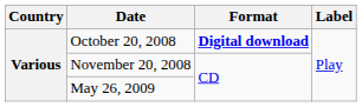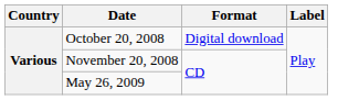 <table class="wikitable plainrowheaders">
 <tr>
 <th>Country</th>
 <th>Date</th>
 <th>Format</th>
 <th>Label</th>
 </tr>
 <tr>
 <th scope="row" rowspan="3">Various</th>
 <td>October 20, 2008</td>
-<td><strong><a href='#'>Digital download</a></strong></td>
+<td><a href='#'>Digital download</a></td>
 <td rowspan="3"><a href='#'>Play</a></td>
 </tr>
 <tr>
 <td>November 20, 2008</td>
 <td rowspan="2"><a href='#'>CD</a></td>
 </tr>
 <tr>
 <td>May 26, 2009</td>
 </tr>
 </table>
